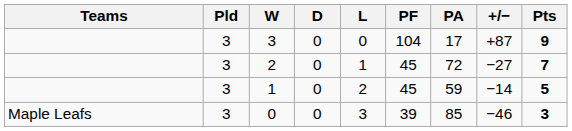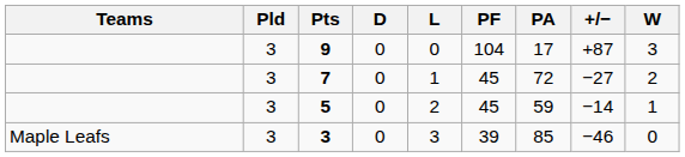 <table class="wikitable" style="text-align: center;">
 <tr>
 <th width="200">Teams</th>
 <th width="40">Pld</th>
-<th width="40">W</th>
+<th width="40">Pts</th>
 <th width="40">D</th>
 <th width="40">L</th>
 <th width="40">PF</th>
 <th width="40">PA</th>
 <th width="40">+/−</th>
-<th width="40">Pts</th>
+<th width="40">W</th>
 </tr>
 <tr>
 <td align=left></td>
 <td>3</td>
-<td>3</td>
+<td><strong>9</strong></td>
 <td>0</td>
 <td>0</td>
 <td>104</td>
 <td>17</td>
 <td>+87</td>
-<td><strong>9</strong></td>
+<td>3</td>
 </tr>
 <tr>
 <td align=left></td>
 <td>3</td>
-<td>2</td>
+<td><strong>7</strong></td>
 <td>0</td>
 <td>1</td>
 <td>45</td>
 <td>72</td>
 <td>−27</td>
-<td><strong>7</strong></td>
+<td>2</td>
 </tr>
 <tr>
 <td align=left></td>
 <td>3</td>
-<td>1</td>
+<td><strong>5</strong></td>
 <td>0</td>
 <td>2</td>
 <td>45</td>
 <td>59</td>
 <td>−14</td>
-<td><strong>5</strong></td>
+<td>1</td>
 </tr>
 <tr>
 <td align=left> Maple Leafs</td>
 <td>3</td>
-<td>0</td>
+<td><strong>3</strong></td>
 <td>0</td>
 <td>3</td>
 <td>39</td>
 <td>85</td>
 <td>−46</td>
-<td><strong>3</strong></td>
+<td>0</td>
 </tr>
 </table>
